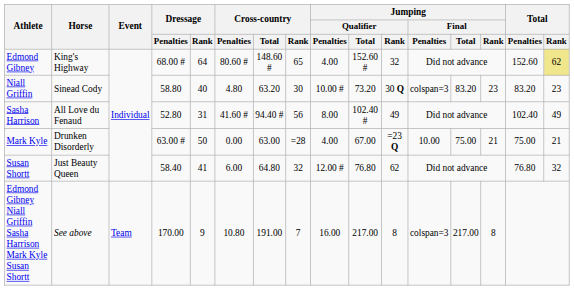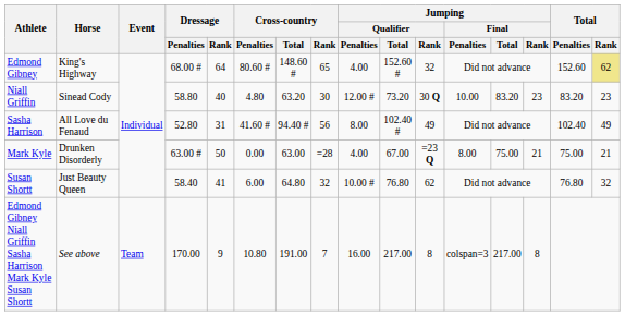 <table class=wikitable style="font-size:90%">
 <tr>
 <th rowspan="3">Athlete</th>
 <th rowspan="3">Horse</th>
 <th rowspan="3">Event</th>
 <th colspan="2" rowspan="2">Dressage</th>
 <th colspan="3" rowspan="2">Cross-country</th>
 <th colspan="6">Jumping</th>
 <th colspan="2" rowspan="2">Total</th>
 </tr>
 <tr style="font-size:95%">
 <th colspan="3">Qualifier</th>
 <th colspan="3">Final</th>
 </tr>
 <tr style="font-size:95%">
 <th>Penalties</th>
 <th>Rank</th>
 <th>Penalties</th>
 <th>Total</th>
 <th>Rank</th>
 <th>Penalties</th>
 <th>Total</th>
 <th>Rank</th>
 <th>Penalties</th>
 <th>Total</th>
 <th>Rank</th>
 <th>Penalties</th>
 <th>Rank</th>
 </tr>
 <tr align=center>
 <td align=left><a href='#'>Edmond Gibney</a></td>
 <td align=left>King's Highway</td>
 <td align=left rowspan=5><a href='#'>Individual</a></td>
 <td>68.00 #</td>
 <td>64</td>
 <td>80.60 #</td>
 <td>148.60 #</td>
 <td>65</td>
 <td>4.00</td>
 <td>152.60 #</td>
 <td>32</td>
 <td colspan=3>Did not advance</td>
 <td>152.60</td>
 <td style="background: khaki;">62</td>
 </tr>
 <tr align=center>
 <td align=left><a href='#'>Niall Griffin</a></td>
 <td align=left>Sinead Cody</td>
 <td>58.80</td>
 <td>40</td>
 <td>4.80</td>
 <td>63.20</td>
 <td>30</td>
-<td>10.00 #</td>
+<td>12.00 #</td>
 <td>73.20</td>
 <td>30 <strong>Q</strong></td>
-<td>colspan=3 </td>
+<td>10.00</td>
 <td>83.20</td>
 <td>23</td>
 <td>83.20</td>
 <td>23</td>
 </tr>
 <tr align=center>
 <td align=left><a href='#'>Sasha Harrison</a></td>
 <td align=left>All Love du Fenaud</td>
 <td>52.80</td>
 <td>31</td>
 <td>41.60 #</td>
 <td>94.40 #</td>
 <td>56</td>
 <td>8.00</td>
 <td>102.40 #</td>
 <td>49</td>
 <td colspan=3>Did not advance</td>
 <td>102.40</td>
 <td>49</td>
 </tr>
 <tr align=center>
 <td align=left><a href='#'>Mark Kyle</a></td>
 <td align=left>Drunken Disorderly</td>
 <td>63.00 #</td>
 <td>50</td>
 <td>0.00</td>
 <td>63.00</td>
 <td>=28</td>
 <td>4.00</td>
 <td>67.00</td>
 <td>=23 <strong>Q</strong></td>
-<td>10.00</td>
+<td>8.00</td>
 <td>75.00</td>
 <td>21</td>
 <td>75.00</td>
 <td>21</td>
 </tr>
 <tr align=center>
 <td align=left><a href='#'>Susan Shortt</a></td>
 <td align=left>Just Beauty Queen</td>
 <td>58.40</td>
 <td>41</td>
 <td>6.00</td>
 <td>64.80</td>
 <td>32</td>
-<td>12.00 #</td>
+<td>10.00 #</td>
 <td>76.80</td>
 <td>62</td>
 <td colspan=3>Did not advance</td>
 <td>76.80</td>
 <td>32</td>
 </tr>
 <tr align=center>
 <td align=left><a href='#'>Edmond Gibney</a><br><a href='#'>Niall Griffin</a><br><a href='#'>Sasha Harrison</a><br><a href='#'>Mark Kyle</a><br><a href='#'>Susan Shortt</a></td>
 <td align=left><em>See above</em></td>
 <td align=left><a href='#'>Team</a></td>
 <td>170.00</td>
 <td>9</td>
 <td>10.80</td>
 <td>191.00</td>
 <td>7</td>
 <td>16.00</td>
 <td>217.00</td>
 <td>8</td>
 <td>colspan=3 </td>
 <td>217.00</td>
 <td>8</td>
 </tr>
 </table>
